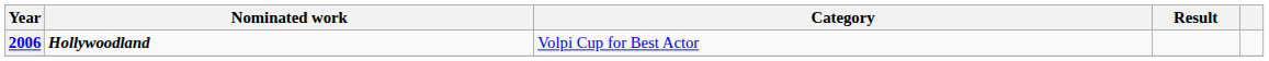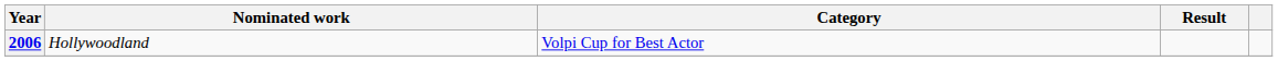 <table class=wikitable>
 <tr>
 <th scope="col" style="width:1em;">Year</th>
 <th scope="col" style="width:30em;">Nominated work</th>
 <th scope="col" style="width:38em;">Category</th>
 <th scope="col" style="width:5em;">Result</th>
 <th scope="col" style="width:1em;"></th>
 </tr>
 <tr>
 <th scope="row"><a href='#'>2006</a></th>
-<td><strong><em>Hollywoodland</em></strong></td>
+<td><em>Hollywoodland</em></td>
 <td><a href='#'>Volpi Cup for Best Actor</a></td>
 <td></td>
 <td style="text-align:center;"></td>
 </tr>
 <tr>
 </tr>
 </table>
